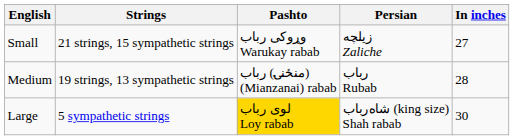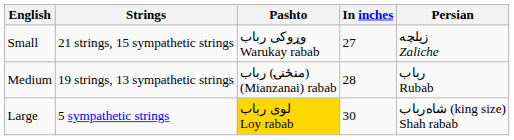 <table class="wikitable sortable mw-collapsible">
 <tr>
 <th>English</th>
 <th>Strings</th>
 <th>Pashto</th>
+<th>In <a href='#'>inches</a></th>
 <th>Persian</th>
-<th>In <a href='#'>inches</a></th>
 </tr>
 <tr>
 <td>Small</td>
 <td>21 strings, 15 sympathetic strings</td>
 <td>وړوکی رباب<br>Warukay rabab</td>
+<td>27</td>
 <td>زيلچه<br><em>Zaliche</em></td>
-<td>27</td>
 </tr>
 <tr>
 <td>Medium</td>
 <td>19 strings, 13 sympathetic strings</td>
 <td>منځنۍ) رباب)<br>(Mianzanai) rabab</td>
+<td>28</td>
 <td>رباب<br>Rubab</td>
-<td>28</td>
 </tr>
 <tr>
 <td>Large</td>
 <td>5 <a href='#'>sympathetic strings</a></td>
 <td style="background: gold;">لوی رباب<br>Loy rabab</td>
+<td>30</td>
 <td>شاه‌رباب (king size)<br>Shah rabab</td>
-<td>30</td>
 </tr>
 </table>
